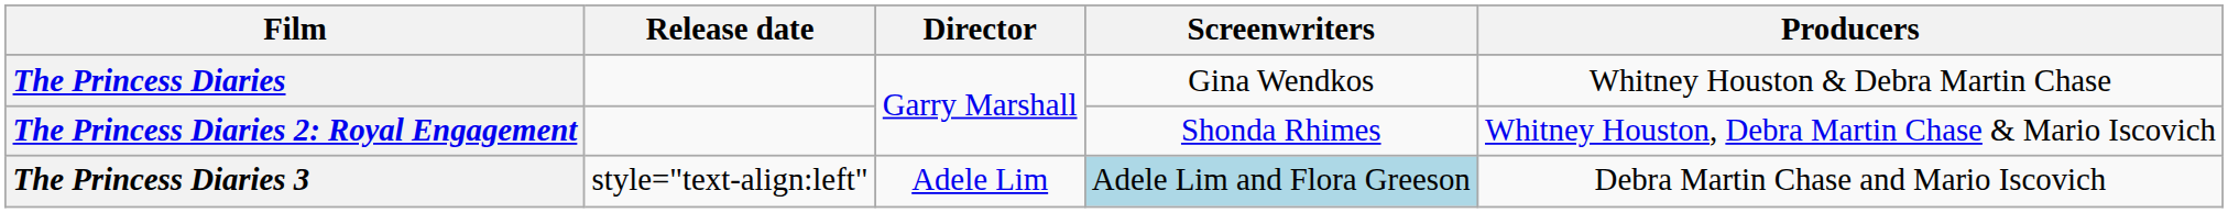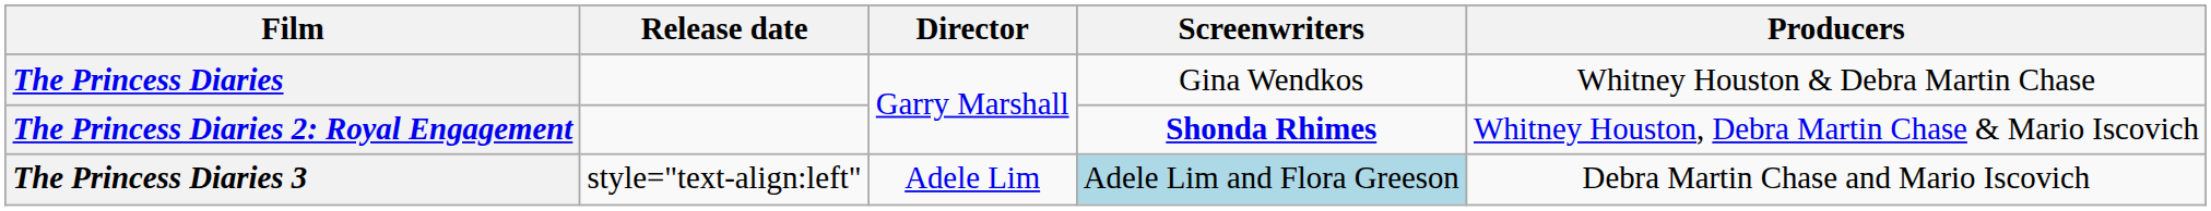 <table class="wikitable plainrowheaders" style="text-align:center;">
 <tr>
 <th>Film</th>
 <th>Release date</th>
 <th>Director</th>
 <th>Screenwriters</th>
 <th colspan="2">Producers</th>
 </tr>
 <tr>
 <th scope="row" style="text-align:left"><em><a href='#'>The Princess Diaries</a></em></th>
 <td style="text-align:left"></td>
 <td rowspan=2><a href='#'>Garry Marshall</a></td>
 <td>Gina Wendkos</td>
 <td>Whitney Houston & Debra Martin Chase</td>
 </tr>
 <tr>
 <th scope="row" style="text-align:left"><em><a href='#'>The Princess Diaries 2: Royal Engagement</a></em></th>
 <td style="text-align:left"></td>
-<td><a href='#'>Shonda Rhimes</a></td>
+<td><strong><a href='#'>Shonda Rhimes</a></strong></td>
 <td><a href='#'>Whitney Houston</a>, <a href='#'>Debra Martin Chase</a> & Mario Iscovich</td>
 </tr>
 <tr>
 <th scope="row" style="text-align:left"><em>The Princess Diaries 3</em></th>
 <td>style="text-align:left" </td>
 <td><a href='#'>Adele Lim</a></td>
 <td style="background: lightblue;">Adele Lim and Flora Greeson</td>
 <td>Debra Martin Chase and Mario Iscovich</td>
 </tr>
 </table>
